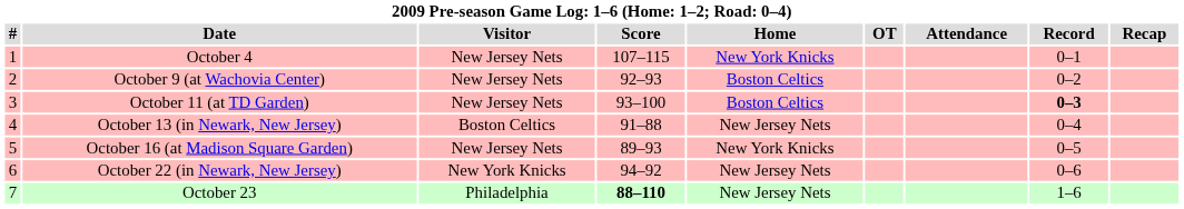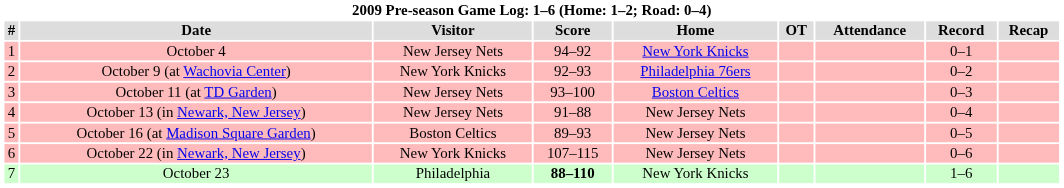 <table class="toccolours collapsible" width=90% style="clear:both; margin:1.5em auto; text-align:center">
 <tr>
 <th colspan=11>2009 Pre-season Game Log: 1–6 (Home: 1–2; Road: 0–4)</th>
 </tr>
 <tr align="center" bgcolor="#dddddd">
 <td><strong>#</strong></td>
 <td><strong>Date</strong></td>
 <td><strong>Visitor</strong></td>
 <td><strong>Score</strong></td>
 <td><strong>Home</strong></td>
 <td><strong>OT</strong></td>
 <td><strong>Attendance</strong></td>
 <td><strong>Record</strong></td>
 <td><strong>Recap</strong></td>
 </tr>
 <tr align="center" bgcolor="#ffbbbb">
 <td>1</td>
 <td>October 4</td>
 <td>New Jersey Nets</td>
-<td>107–115</td>
+<td>94–92</td>
 <td><a href='#'>New York Knicks</a></td>
 <td></td>
 <td></td>
 <td>0–1</td>
 <td></td>
 </tr>
 <tr align="center" bgcolor="#ffbbbb">
 <td>2</td>
 <td>October 9 (at <a href='#'>Wachovia Center</a>)</td>
-<td>New Jersey Nets</td>
+<td>New York Knicks</td>
 <td>92–93</td>
-<td><a href='#'>Boston Celtics</a></td>
+<td><a href='#'>Philadelphia 76ers</a></td>
 <td></td>
 <td></td>
 <td>0–2</td>
 <td></td>
 </tr>
 <tr align="center" bgcolor="#ffbbbb">
 <td>3</td>
 <td>October 11 (at <a href='#'>TD Garden</a>)</td>
 <td>New Jersey Nets</td>
 <td>93–100</td>
 <td><a href='#'>Boston Celtics</a></td>
 <td></td>
 <td></td>
-<td><strong>0–3</strong></td>
+<td>0–3</td>
 <td></td>
 </tr>
 <tr align="center" bgcolor="#ffbbbb">
 <td>4</td>
 <td>October 13 (in <a href='#'>Newark, New Jersey</a>)</td>
-<td>Boston Celtics</td>
+<td>New Jersey Nets</td>
 <td>91–88</td>
 <td>New Jersey Nets</td>
 <td></td>
 <td></td>
 <td>0–4</td>
 <td></td>
 </tr>
 <tr align="center" bgcolor="#ffbbbb">
 <td>5</td>
 <td>October 16 (at <a href='#'>Madison Square Garden</a>)</td>
+<td>Boston Celtics</td>
+<td>89–93</td>
 <td>New Jersey Nets</td>
-<td>89–93</td>
-<td>New York Knicks</td>
 <td></td>
 <td></td>
 <td>0–5</td>
 <td></td>
 </tr>
 <tr align="center" bgcolor="#ffbbbb">
 <td>6</td>
 <td>October 22 (in <a href='#'>Newark, New Jersey</a>)</td>
 <td>New York Knicks</td>
-<td>94–92</td>
+<td>107–115</td>
 <td>New Jersey Nets</td>
 <td></td>
 <td></td>
 <td>0–6</td>
 <td></td>
 </tr>
 <tr align="center" bgcolor="#ccffcc">
 <td>7</td>
 <td>October 23</td>
 <td>Philadelphia</td>
 <td><strong>88–110</strong></td>
-<td>New Jersey Nets</td>
+<td>New York Knicks</td>
 <td></td>
 <td></td>
 <td>1–6</td>
 <td></td>
 </tr>
 </table>
